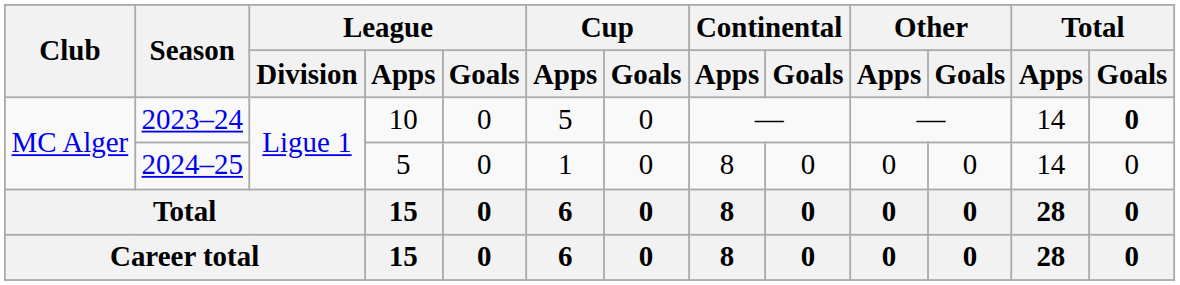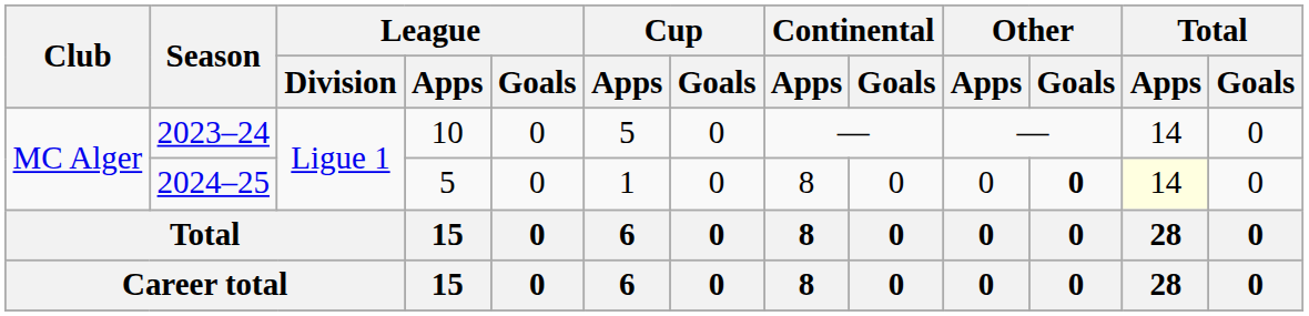 <table class="wikitable" style="text-align: center">
 <tr>
 <th rowspan="2">Club</th>
 <th rowspan="2">Season</th>
 <th colspan="3">League</th>
 <th colspan="2">Cup</th>
 <th colspan="2">Continental</th>
 <th colspan="2">Other</th>
 <th colspan="2">Total</th>
 </tr>
 <tr>
 <th>Division</th>
 <th>Apps</th>
 <th>Goals</th>
 <th>Apps</th>
 <th>Goals</th>
 <th>Apps</th>
 <th>Goals</th>
 <th>Apps</th>
 <th>Goals</th>
 <th>Apps</th>
 <th>Goals</th>
 </tr>
 <tr>
 <td rowspan=2 valign="center"><a href='#'>MC Alger</a></td>
 <td><a href='#'>2023–24</a></td>
 <td rowspan=2><a href='#'>Ligue 1</a></td>
 <td>10</td>
 <td>0</td>
 <td>5</td>
 <td>0</td>
 <td colspan=2>—</td>
 <td colspan=2>—</td>
 <td>14</td>
-<td><strong>0</strong></td>
+<td>0</td>
 </tr>
 <tr>
 <td><a href='#'>2024–25</a></td>
 <td>5</td>
 <td>0</td>
 <td>1</td>
 <td>0</td>
 <td>8</td>
 <td>0</td>
 <td>0</td>
-<td>0</td>
-<td>14</td>
+<td><strong>0</strong></td>
+<td style="background: lightyellow;">14</td>
 <td>0</td>
 </tr>
 <tr>
 <th colspan="3">Total</th>
 <th>15</th>
 <th>0</th>
 <th>6</th>
 <th>0</th>
 <th>8</th>
 <th>0</th>
 <th>0</th>
 <th>0</th>
 <th>28</th>
 <th>0</th>
 </tr>
 <tr>
 <th colspan="3">Career total</th>
 <th>15</th>
 <th>0</th>
 <th>6</th>
 <th>0</th>
 <th>8</th>
 <th>0</th>
 <th>0</th>
 <th>0</th>
 <th>28</th>
 <th>0</th>
 </tr>
 </table>
